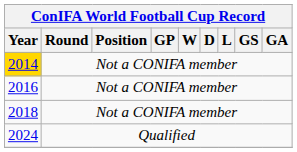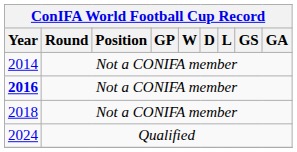 <table class="wikitable" style="text-align: center;">
 <tr>
 <th colspan=9><a href='#'>ConIFA World Football Cup Record</a></th>
 </tr>
 <tr>
 <th>Year</th>
 <th>Round</th>
 <th>Position</th>
 <th>GP</th>
 <th>W</th>
 <th>D</th>
 <th>L</th>
 <th>GS</th>
 <th>GA</th>
 </tr>
 <tr>
-<td style="background: gold;"> <a href='#'>2014</a></td>
+<td> <a href='#'>2014</a></td>
 <td rowspan=1 colspan=8><em>Not a CONIFA member</em></td>
 </tr>
 <tr>
-<td> <a href='#'>2016</a></td>
+<td><strong> <a href='#'>2016</a></strong></td>
 <td rowspan=1 colspan=8><em>Not a CONIFA member</em></td>
 </tr>
 <tr>
 <td> <a href='#'>2018</a></td>
 <td rowspan=1 colspan=8><em>Not a CONIFA member</em></td>
 </tr>
 <tr>
 <td> <a href='#'>2024</a></td>
 <td rowspan=1 colspan=8><em>Qualified</em></td>
 </tr>
 <tr>
 </tr>
 </table>
